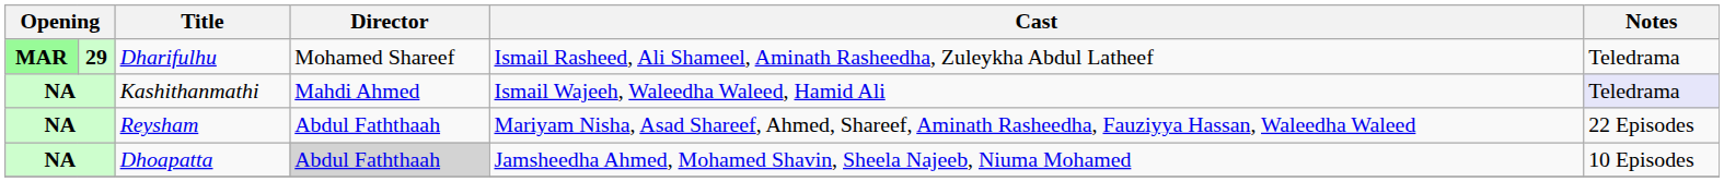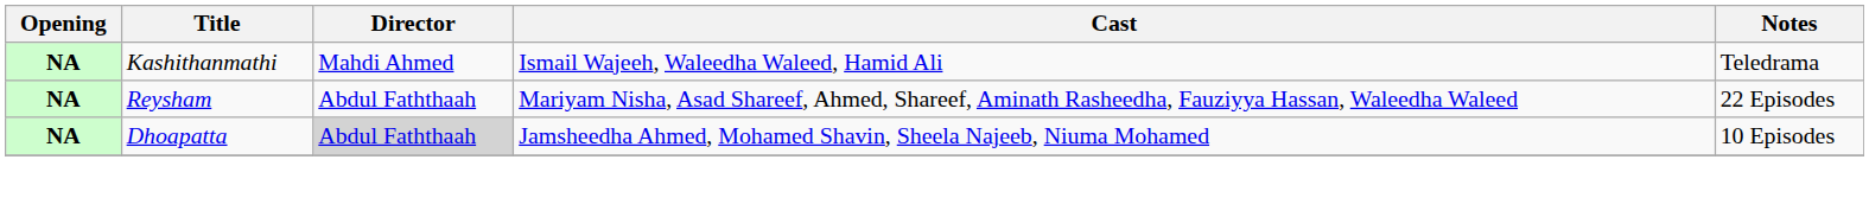 <table class="wikitable plainrowheaders" width="100%">
 <tr>
 <th scope="col" colspan="2">Opening</th>
 <th scope="col">Title</th>
 <th scope="col">Director</th>
 <th scope="col">Cast</th>
 <th scope="col">Notes</th>
 </tr>
 <tr>
-<td style="text-align:center; background:#98fb98; textcolor:#000;"><strong>MAR</strong></td>
-<td style="text-align:center; textcolor:#000; background:#cdfecd;"><strong>29</strong></td>
-<td><em><a href='#'>Dharifulhu</a></em></td>
-<td>Mohamed Shareef</td>
-<td><a href='#'>Ismail Rasheed</a>, <a href='#'>Ali Shameel</a>, <a href='#'>Aminath Rasheedha</a>, Zuleykha Abdul Latheef</td>
-<td>Teledrama</td>
-</tr>
-<tr>
 <td style="text-align:center; textcolor:#000; background:#cdfecd;" colspan="2"><strong>NA</strong></td>
 <td><em>Kashithanmathi</em></td>
 <td><a href='#'>Mahdi Ahmed</a></td>
 <td><a href='#'>Ismail Wajeeh</a>, <a href='#'>Waleedha Waleed</a>, <a href='#'>Hamid Ali</a></td>
-<td style="background: lavender;">Teledrama</td>
+<td>Teledrama</td>
 </tr>
 <tr>
 <td style="text-align:center; textcolor:#000; background:#cdfecd;" colspan="2"><strong>NA</strong></td>
 <td><em><a href='#'>Reysham</a></em></td>
 <td><a href='#'>Abdul Faththaah</a></td>
 <td><a href='#'>Mariyam Nisha</a>, <a href='#'>Asad Shareef</a>, Ahmed, Shareef, <a href='#'>Aminath Rasheedha</a>, <a href='#'>Fauziyya Hassan</a>, <a href='#'>Waleedha Waleed</a></td>
 <td>22 Episodes</td>
 </tr>
 <tr>
 <td style="text-align:center; textcolor:#000; background:#cdfecd;" colspan="2"><strong>NA</strong></td>
 <td><em><a href='#'>Dhoapatta</a></em></td>
 <td style="background: lightgrey;"><a href='#'>Abdul Faththaah</a></td>
 <td><a href='#'>Jamsheedha Ahmed</a>, <a href='#'>Mohamed Shavin</a>, <a href='#'>Sheela Najeeb</a>, <a href='#'>Niuma Mohamed</a></td>
 <td>10 Episodes</td>
 </tr>
 <tr>
 </tr>
 </table>
